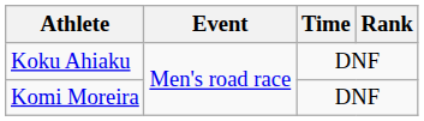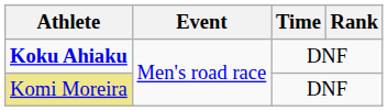 <table class=wikitable style="font-size:90%">
 <tr>
 <th>Athlete</th>
 <th>Event</th>
 <th>Time</th>
 <th>Rank</th>
 </tr>
 <tr align=center>
-<td align=left><a href='#'>Koku Ahiaku</a></td>
+<td align=left><strong><a href='#'>Koku Ahiaku</a></strong></td>
 <td style="text-align:left;" rowspan="2"><a href='#'>Men's road race</a></td>
 <td colspan=2>DNF</td>
 </tr>
 <tr align=center>
-<td align=left><a href='#'>Komi Moreira</a></td>
+<td align=left style="background: khaki;"><a href='#'>Komi Moreira</a></td>
 <td colspan=2>DNF</td>
 </tr>
 </table>
